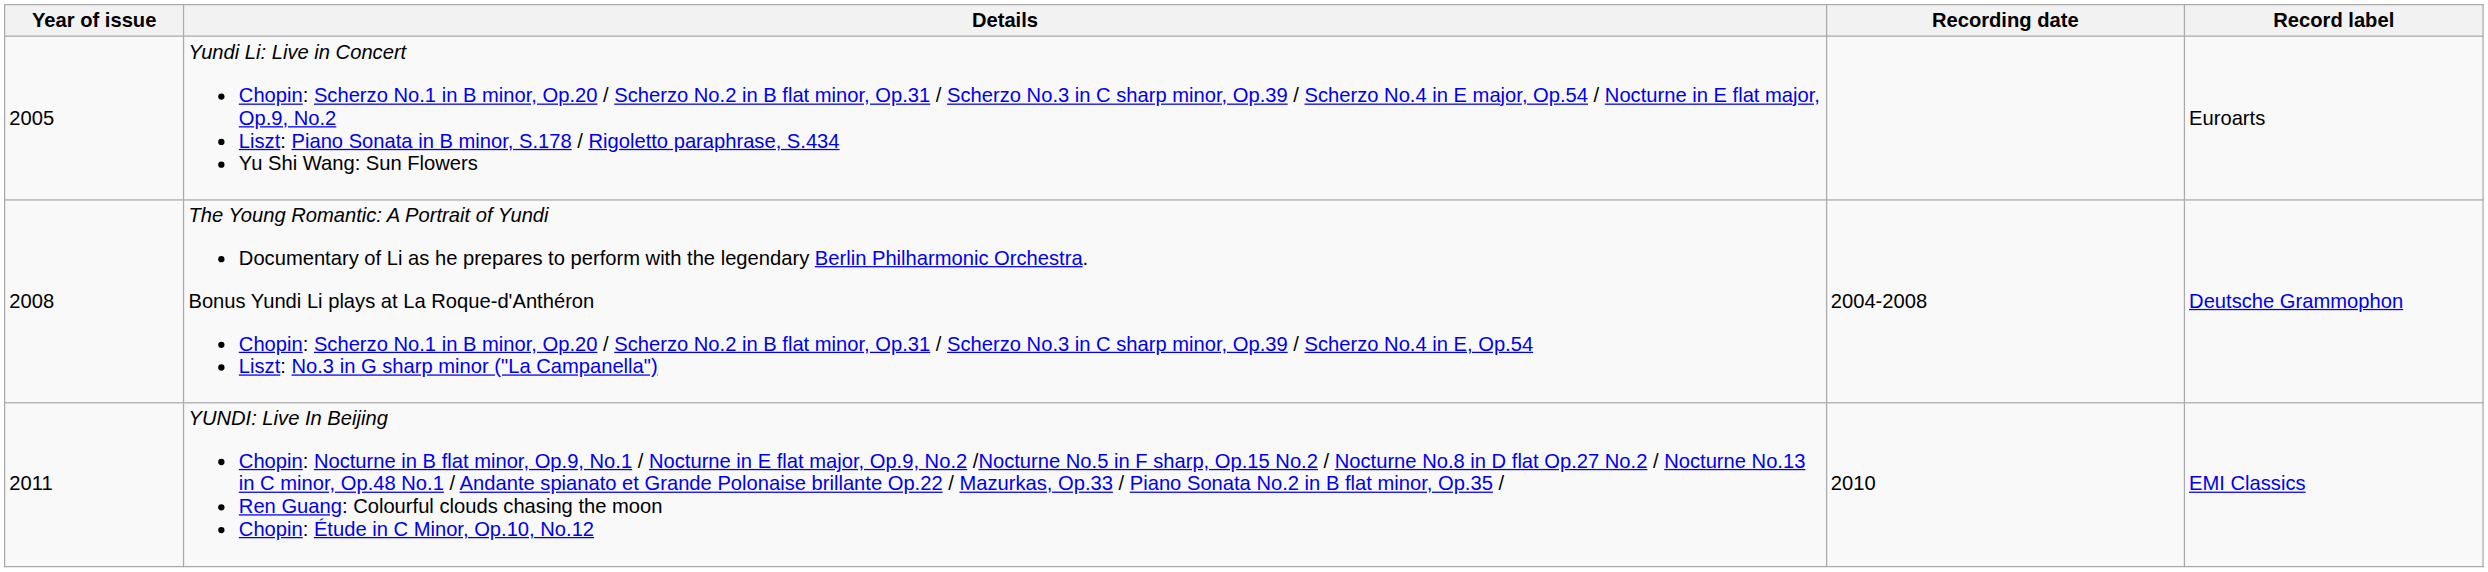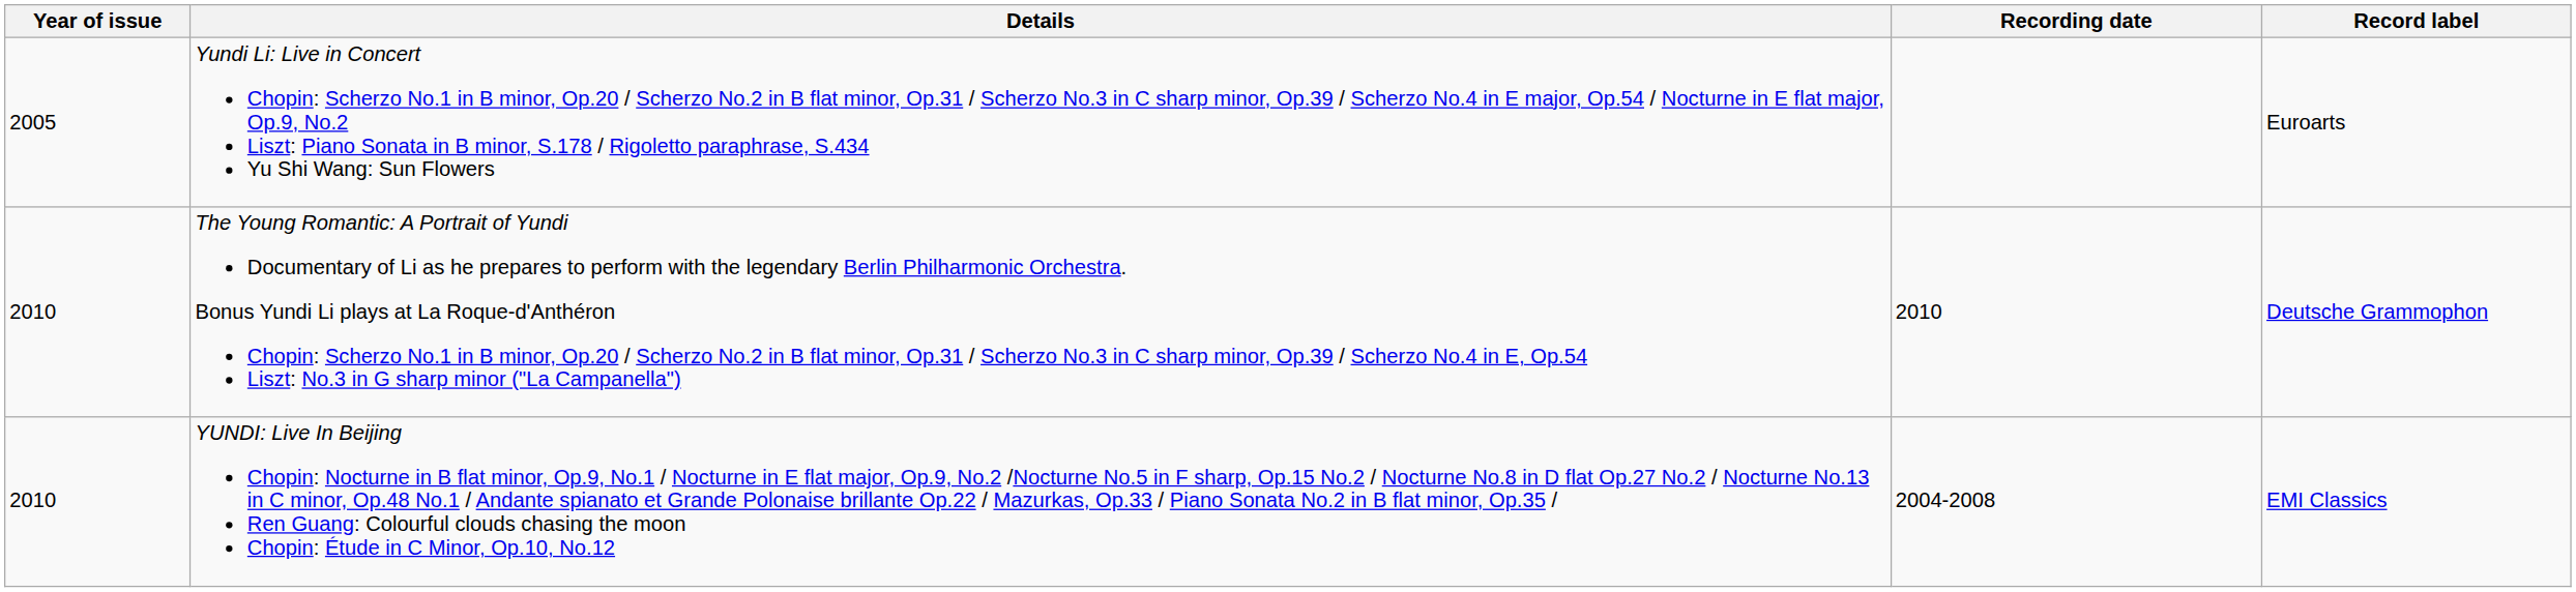 <table class="wikitable sortable">
 <tr>
 <th style="width:6%;">Year of issue</th>
 <th style="width:55%;">Details</th>
 <th style="width:12%;">Recording date</th>
 <th style="width:10%;">Record label</th>
 </tr>
 <tr>
 <td>2005</td>
 <td><em>Yundi Li: Live in Concert</em><br><ul><li><a href='#'>Chopin</a>: <a href='#'>Scherzo No.1 in B minor, Op.20</a> / <a href='#'>Scherzo No.2 in B flat minor, Op.31</a> / <a href='#'>Scherzo No.3 in C sharp minor, Op.39</a> / <a href='#'>Scherzo No.4 in E major, Op.54</a> / <a href='#'>Nocturne in E flat major, Op.9, No.2</a></li><li><a href='#'>Liszt</a>: <a href='#'>Piano Sonata in B minor, S.178</a> / <a href='#'>Rigoletto paraphrase, S.434</a></li><li>Yu Shi Wang: Sun Flowers</li></ul></td>
 <td></td>
 <td>Euroarts</td>
 </tr>
 <tr>
-<td>2008</td>
+<td>2010</td>
 <td><em>The Young Romantic: A Portrait of Yundi</em><br><ul><li>Documentary of Li as he prepares to perform with the legendary <a href='#'>Berlin Philharmonic Orchestra</a>.</li></ul>Bonus Yundi Li plays at La Roque-d'Anthéron<ul><li><a href='#'>Chopin</a>: <a href='#'>Scherzo No.1 in B minor, Op.20</a> / <a href='#'>Scherzo No.2 in B flat minor, Op.31</a> / <a href='#'>Scherzo No.3 in C sharp minor, Op.39</a> / <a href='#'>Scherzo No.4 in E, Op.54</a></li><li><a href='#'>Liszt</a>: <a href='#'>No.3 in G sharp minor ("La Campanella")</a></li></ul></td>
-<td>2004-2008</td>
+<td>2010</td>
 <td><a href='#'>Deutsche Grammophon</a></td>
 </tr>
 <tr>
-<td>2011</td>
+<td>2010</td>
 <td><em>YUNDI: Live In Beijing</em><br><ul><li><a href='#'>Chopin</a>: <a href='#'>Nocturne in B flat minor, Op.9, No.1</a> / <a href='#'>Nocturne in E flat major, Op.9, No.2</a> /<a href='#'>Nocturne No.5 in F sharp, Op.15 No.2</a> / <a href='#'>Nocturne No.8 in D flat Op.27 No.2</a> / <a href='#'>Nocturne No.13 in C minor, Op.48 No.1</a> / <a href='#'>Andante spianato et Grande Polonaise brillante Op.22</a> / <a href='#'>Mazurkas, Op.33</a> / <a href='#'>Piano Sonata No.2 in B flat minor, Op.35</a> /</li><li><a href='#'>Ren Guang</a>: Colourful clouds chasing the moon</li><li><a href='#'>Chopin</a>: <a href='#'>Étude in C Minor, Op.10, No.12</a></li></ul></td>
-<td>2010</td>
+<td>2004-2008</td>
 <td><a href='#'>EMI Classics</a></td>
 </tr>
 </table>
